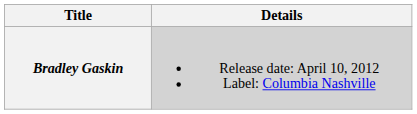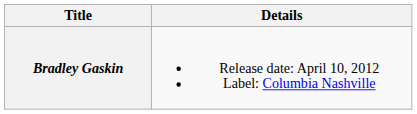 <table class="wikitable plainrowheaders" style="text-align:center;">
 <tr>
 <th style="width:10em;">Title</th>
 <th style="width:18em;">Details</th>
 </tr>
 <tr>
 <th scope="row"><em>Bradley Gaskin</em></th>
-<td style="background: lightgrey;"><br><ul><li>Release date: April 10, 2012</li><li>Label: <a href='#'>Columbia Nashville</a></li></ul></td>
+<td><br><ul><li>Release date: April 10, 2012</li><li>Label: <a href='#'>Columbia Nashville</a></li></ul></td>
 </tr>
 </table>
